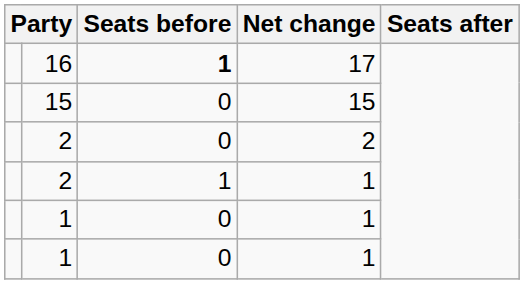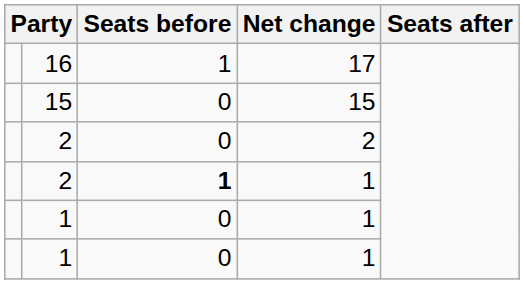 <table class=wikitable style="text-align:right">
 <tr>
 <th colspan="2">Party</th>
 <th>Seats before</th>
 <th>Net change</th>
 <th>Seats after</th>
 </tr>
 <tr>
 <td></td>
 <td>16</td>
-<td><strong> 1</strong></td>
+<td> 1</td>
 <td>17</td>
 </tr>
 <tr>
 <td></td>
 <td>15</td>
 <td> 0</td>
 <td>15</td>
 </tr>
 <tr>
 <td></td>
 <td>2</td>
 <td> 0</td>
 <td>2</td>
 </tr>
 <tr>
 <td></td>
 <td>2</td>
-<td> 1</td>
+<td><strong> 1</strong></td>
 <td>1</td>
 </tr>
 <tr>
 <td></td>
 <td>1</td>
 <td> 0</td>
 <td>1</td>
 </tr>
 <tr>
 <td></td>
 <td>1</td>
 <td> 0</td>
 <td>1</td>
 </tr>
 </table>
